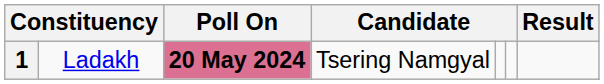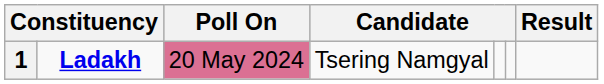 <table class="wikitable " style="text-align:center;">
 <tr>
 <th colspan="2">Constituency</th>
 <th>Poll On</th>
 <th colspan="3">Candidate</th>
 <th>Result</th>
 </tr>
 <tr>
 <th>1</th>
-<td><a href='#'>Ladakh</a></td>
-<td bgcolor=#DB7093><strong>20 May 2024</strong></td>
+<td><strong><a href='#'>Ladakh</a></strong></td>
+<td bgcolor=#DB7093>20 May 2024</td>
 <td>Tsering Namgyal</td>
 <td></td>
 <td></td>
 </tr>
 </table>
